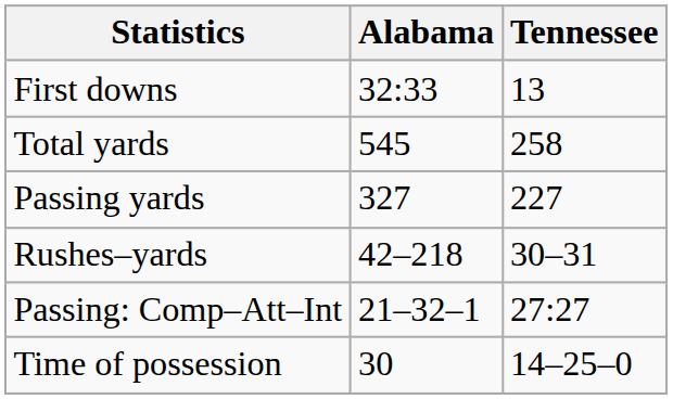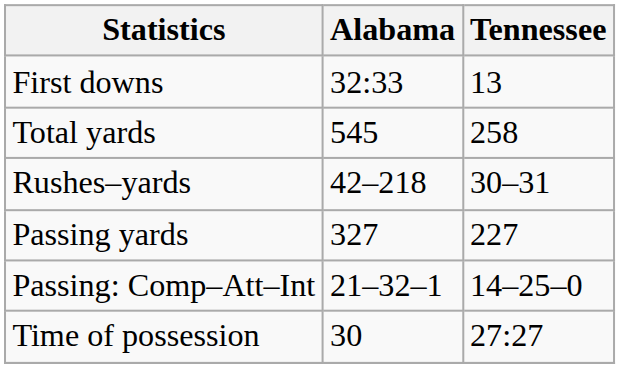 <table class="wikitable" style="float: left;">
 <tr>
 <th>Statistics</th>
 <th>Alabama</th>
 <th>Tennessee</th>
 </tr>
 <tr>
 <td>First downs</td>
 <td>32:33</td>
 <td>13</td>
 </tr>
 <tr>
 <td>Total yards</td>
 <td>545</td>
 <td>258</td>
 </tr>
 <tr>
+<td>Rushes–yards</td>
+<td>42–218</td>
+<td>30–31</td>
+</tr>
+<tr>
 <td>Passing yards</td>
 <td>327</td>
 <td>227</td>
 </tr>
 <tr>
-<td>Rushes–yards</td>
-<td>42–218</td>
-<td>30–31</td>
-</tr>
-<tr>
 <td>Passing: Comp–Att–Int</td>
 <td>21–32–1</td>
-<td>27:27</td>
+<td>14–25–0</td>
 </tr>
 <tr>
 <td>Time of possession</td>
 <td>30</td>
-<td>14–25–0</td>
+<td>27:27</td>
 </tr>
 <tr>
 </tr>
 </table>
